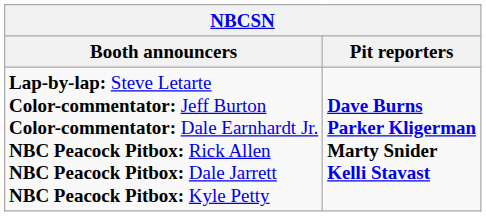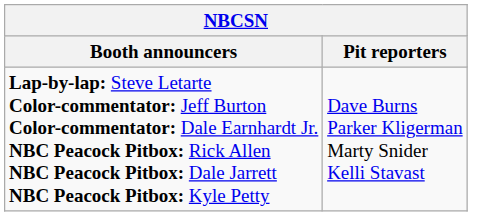 <table class="wikitable" style="font-size: 95%;">
 <tr>
 <th colspan="2"><a href='#'>NBCSN</a></th>
 </tr>
 <tr>
 <th>Booth announcers</th>
 <th>Pit reporters</th>
 </tr>
 <tr>
 <td><strong>Lap-by-lap:</strong> <a href='#'>Steve Letarte</a><br><strong>Color-commentator:</strong> <a href='#'>Jeff Burton</a><br><strong>Color-commentator:</strong> <a href='#'>Dale Earnhardt Jr.</a><br><strong>NBC Peacock Pitbox:</strong> <a href='#'>Rick Allen</a><br><strong>NBC Peacock Pitbox:</strong> <a href='#'>Dale Jarrett</a><br><strong>NBC Peacock Pitbox:</strong> <a href='#'>Kyle Petty</a></td>
-<td><strong><a href='#'>Dave Burns</a><br><a href='#'>Parker Kligerman</a><br>Marty Snider<br><a href='#'>Kelli Stavast</a></strong></td>
+<td><a href='#'>Dave Burns</a><br><a href='#'>Parker Kligerman</a><br>Marty Snider<br><a href='#'>Kelli Stavast</a></td>
 </tr>
 </table>
